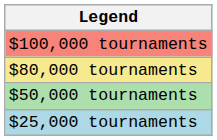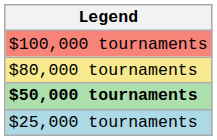 <table class=wikitable style="font-size:85%">
 <tr>
 <th>Legend</th>
 </tr>
 <tr style="background:#f88379;">
 <td>$100,000 tournaments</td>
 </tr>
 <tr style="background:#f7e98e;">
 <td>$80,000 tournaments</td>
 </tr>
 <tr style="background:#addfad;">
-<td>$50,000 tournaments</td>
+<td><strong>$50,000 tournaments</strong></td>
 </tr>
 <tr style="background:lightblue;">
 <td>$25,000 tournaments</td>
 </tr>
 </table>
